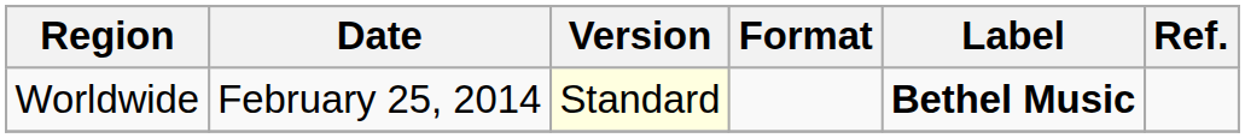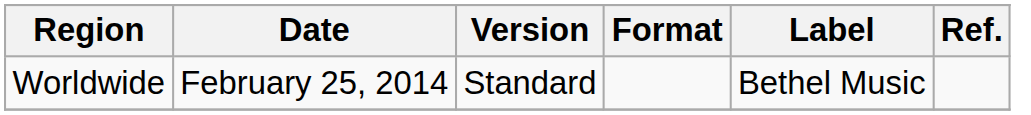 <table class="wikitable plainrowheaders">
 <tr>
 </tr>
 <tr>
 <th scope="col">Region</th>
 <th scope="col">Date</th>
 <th scope="col">Version</th>
 <th scope="col">Format</th>
 <th scope="col">Label</th>
 <th scope="col">Ref.</th>
 </tr>
 <tr>
 <td>Worldwide</td>
 <td>February 25, 2014</td>
-<td style="background: lightyellow;">Standard</td>
+<td>Standard</td>
 <td></td>
-<td><strong>Bethel Music</strong></td>
+<td>Bethel Music</td>
 <td></td>
 </tr>
 <tr>
 </tr>
 </table>
